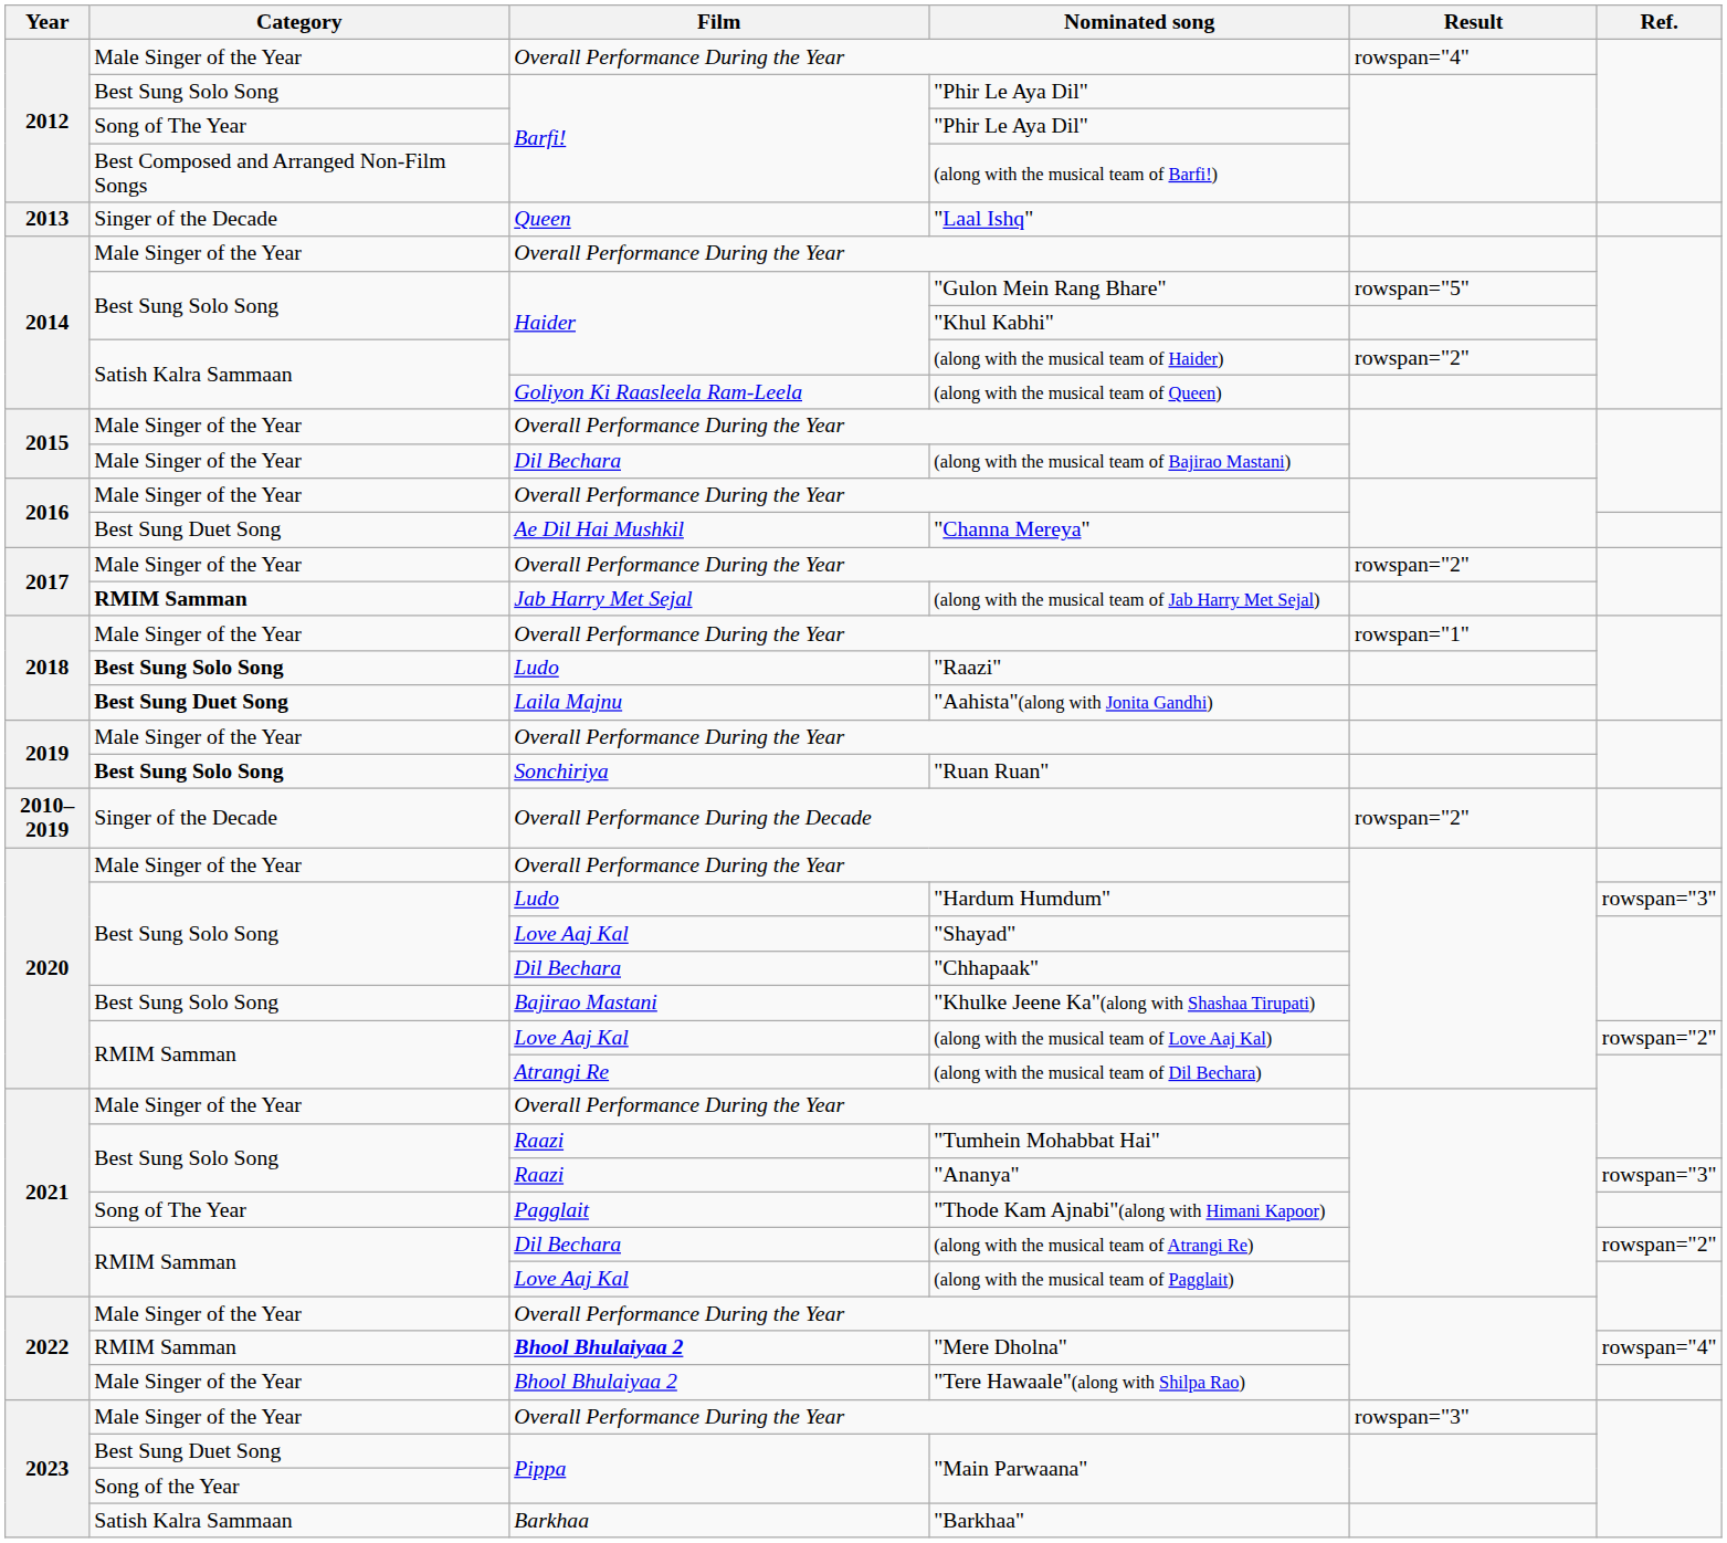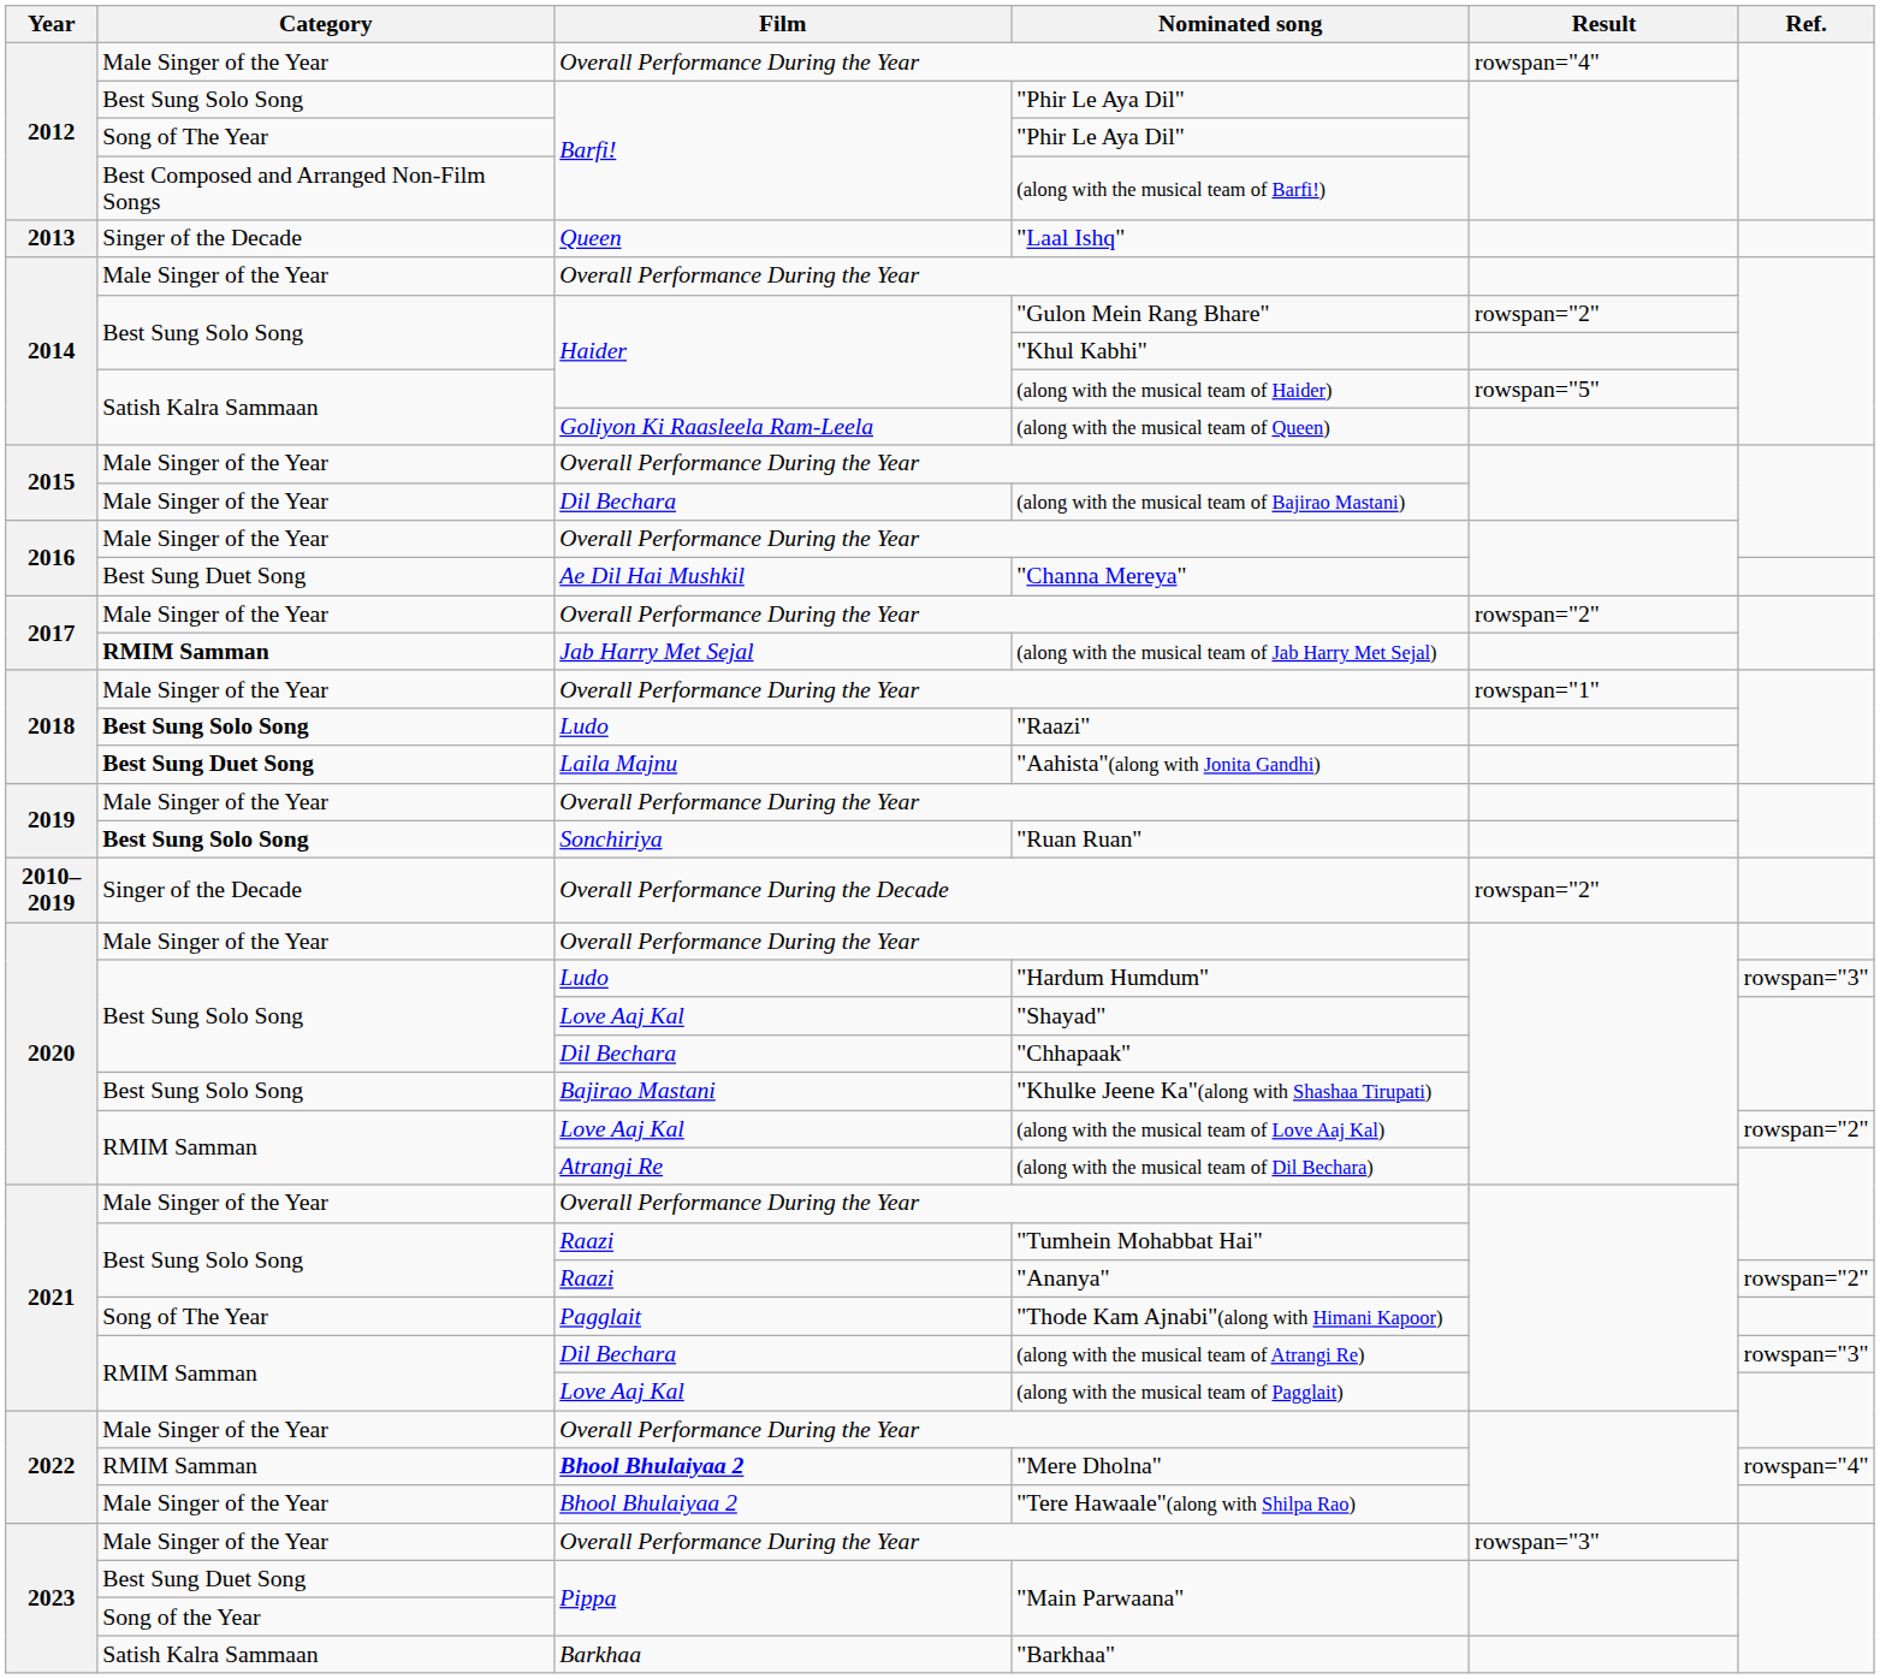 <table class="wikitable plainrowheaders" width="100%" "textcolor:#000;">
 <tr>
 <th scope="col" width=5%><strong>Year</strong></th>
 <th scope="col" width=26%><strong>Category</strong></th>
 <th scope="col" width=26%><strong>Film</strong></th>
 <th scope="col" width=26%><strong>Nominated song</strong></th>
 <th scope="col" width=15%><strong>Result</strong></th>
 <th scope="col" width=2%><strong>Ref.</strong></th>
 </tr>
 <tr>
 <th scope="row" rowspan="4">2012</th>
 <td>Male Singer of the Year</td>
 <td colspan="2"><em>Overall Performance During the Year</em></td>
 <td>rowspan="4" </td>
 <td rowspan="4"></td>
 </tr>
 <tr>
 <td>Best Sung Solo Song</td>
 <td rowspan="3"><em><a href='#'>Barfi!</a></em></td>
 <td>"Phir Le Aya Dil"</td>
 </tr>
 <tr>
 <td>Song of The Year</td>
 <td>"Phir Le Aya Dil"</td>
 </tr>
 <tr>
 <td>Best Composed and Arranged Non-Film Songs</td>
 <td><small>(along with the musical team of <a href='#'>Barfi!</a>)</small></td>
 </tr>
 <tr>
 <th scope="row">2013</th>
 <td>Singer of the Decade</td>
 <td><em><a href='#'>Queen</a></em></td>
 <td>"<a href='#'>Laal Ishq</a>"</td>
 <td></td>
 <td></td>
 </tr>
 <tr>
 <th scope="row" rowspan="5">2014</th>
 <td>Male Singer of the Year</td>
 <td colspan="2"><em>Overall Performance During the Year</em></td>
 <td></td>
 <td rowspan="5"></td>
 </tr>
 <tr>
 <td rowspan="2">Best Sung Solo Song</td>
 <td rowspan="3"><em><a href='#'>Haider</a></em></td>
 <td>"Gulon Mein Rang Bhare"</td>
-<td>rowspan="5" </td>
+<td>rowspan="2" </td>
 </tr>
 <tr>
 <td>"Khul Kabhi"</td>
 </tr>
 <tr>
 <td rowspan="2">Satish Kalra Sammaan</td>
 <td><small>(along with the musical team of <a href='#'>Haider</a>)</small></td>
-<td>rowspan="2" </td>
+<td>rowspan="5" </td>
 </tr>
 <tr>
 <td><em><a href='#'>Goliyon Ki Raasleela Ram-Leela</a></em></td>
 <td><small>(along with the musical team of <a href='#'>Queen</a>)</small></td>
 </tr>
 <tr>
 <th scope="row" rowspan="2">2015</th>
 <td>Male Singer of the Year</td>
 <td colspan="2"><em>Overall Performance During the Year</em></td>
 <td rowspan="2"></td>
 </tr>
 <tr>
 <td>Male Singer of the Year</td>
 <td><em><a href='#'>Dil Bechara</a></em></td>
 <td><small>(along with the musical team of <a href='#'>Bajirao Mastani</a>)</small></td>
 </tr>
 <tr>
 <th scope="row" rowspan="2">2016</th>
 <td>Male Singer of the Year</td>
 <td colspan="2"><em>Overall Performance During the Year</em></td>
 <td rowspan="2"></td>
 </tr>
 <tr>
 <td>Best Sung Duet Song</td>
 <td><em><a href='#'>Ae Dil Hai Mushkil</a></em></td>
 <td>"<a href='#'>Channa Mereya</a>"</td>
 <td></td>
 </tr>
 <tr>
 <th scope="row" rowspan="2">2017</th>
 <td>Male Singer of the Year</td>
 <td colspan="2"><em>Overall Performance During the Year</em></td>
 <td>rowspan="2" </td>
 <td rowspan="2"></td>
 </tr>
 <tr>
 <td><strong>RMIM Samman</strong></td>
 <td><em><a href='#'>Jab Harry Met Sejal</a></em></td>
 <td><small>(along with the musical team of <a href='#'>Jab Harry Met Sejal</a>)</small></td>
 </tr>
 <tr>
 <th scope="row" rowspan="3">2018</th>
 <td>Male Singer of the Year</td>
 <td colspan="2"><em>Overall Performance During the Year</em></td>
 <td>rowspan="1" </td>
 <td rowspan="3"></td>
 </tr>
 <tr>
 <td><strong>Best Sung Solo Song</strong></td>
 <td><em><a href='#'>Ludo</a></em></td>
 <td>"Raazi"</td>
 <td></td>
 </tr>
 <tr>
 <td><strong>Best Sung Duet Song</strong></td>
 <td><em><a href='#'>Laila Majnu</a></em></td>
 <td>"Aahista"<small>(along with <a href='#'>Jonita Gandhi</a>)</small></td>
 <td></td>
 </tr>
 <tr>
 <th scope="row" rowspan="2">2019</th>
 <td>Male Singer of the Year</td>
 <td colspan="2"><em>Overall Performance During the Year</em></td>
 <td></td>
 <td rowspan="2"></td>
 </tr>
 <tr>
 <td><strong>Best Sung Solo Song</strong></td>
 <td><em><a href='#'>Sonchiriya</a></em></td>
 <td>"Ruan Ruan"</td>
 <td></td>
 </tr>
 <tr>
 <th scope="row">2010–2019</th>
 <td>Singer of the Decade</td>
 <td colspan="2"><em>Overall Performance During the Decade</em></td>
 <td>rowspan="2" </td>
 <td></td>
 </tr>
 <tr>
 <th scope="row" rowspan="7">2020</th>
 <td>Male Singer of the Year</td>
 <td colspan="2"><em>Overall Performance During the Year</em></td>
 <td rowspan="7"></td>
 </tr>
 <tr>
 <td rowspan="3">Best Sung Solo Song</td>
 <td><em><a href='#'>Ludo</a></em></td>
 <td>"Hardum Humdum"</td>
 <td>rowspan="3" </td>
 </tr>
 <tr>
 <td><em><a href='#'>Love Aaj Kal</a></em></td>
 <td>"Shayad"</td>
 </tr>
 <tr>
 <td><em><a href='#'>Dil Bechara</a></em></td>
 <td>"Chhapaak"</td>
 </tr>
 <tr>
 <td>Best Sung Solo Song</td>
 <td><em><a href='#'>Bajirao Mastani</a></em></td>
 <td>"Khulke Jeene Ka"<small>(along with <a href='#'>Shashaa Tirupati</a>)</small></td>
 </tr>
 <tr>
 <td rowspan="2">RMIM Samman</td>
 <td><em><a href='#'>Love Aaj Kal</a></em></td>
 <td><small>(along with the musical team of <a href='#'>Love Aaj Kal</a>)</small></td>
 <td>rowspan="2" </td>
 </tr>
 <tr>
 <td><em><a href='#'>Atrangi Re</a></em></td>
 <td><small>(along with the musical team of <a href='#'>Dil Bechara</a>)</small></td>
 </tr>
 <tr>
 <th scope="row" rowspan="6">2021</th>
 <td>Male Singer of the Year</td>
 <td colspan="2"><em>Overall Performance During the Year</em></td>
 <td rowspan="6"></td>
 </tr>
 <tr>
 <td rowspan="2">Best Sung Solo Song</td>
 <td><em><a href='#'>Raazi</a></em></td>
 <td>"Tumhein Mohabbat Hai"</td>
 </tr>
 <tr>
 <td><em><a href='#'>Raazi</a></em></td>
 <td>"Ananya"</td>
-<td>rowspan="3" </td>
+<td>rowspan="2" </td>
 </tr>
 <tr>
 <td>Song of The Year</td>
 <td><em><a href='#'>Pagglait</a></em></td>
 <td>"Thode Kam Ajnabi"<small>(along with <a href='#'>Himani Kapoor</a>)</small></td>
 </tr>
 <tr>
 <td rowspan="2">RMIM Samman</td>
 <td><em><a href='#'>Dil Bechara</a></em></td>
 <td><small>(along with the musical team of <a href='#'>Atrangi Re</a>)</small></td>
-<td>rowspan="2" </td>
+<td>rowspan="3" </td>
 </tr>
 <tr>
 <td><em><a href='#'>Love Aaj Kal</a></em></td>
 <td><small>(along with the musical team of <a href='#'>Pagglait</a>)</small></td>
 </tr>
 <tr>
 <th scope="row" rowspan="3">2022</th>
 <td>Male Singer of the Year</td>
 <td colspan="2"><em>Overall Performance During the Year</em></td>
 <td rowspan="3"></td>
 </tr>
 <tr>
 <td>RMIM Samman</td>
 <td><strong><em><a href='#'>Bhool Bhulaiyaa 2</a></em></strong></td>
 <td>"Mere Dholna"</td>
 <td>rowspan="4" </td>
 </tr>
 <tr>
 <td>Male Singer of the Year</td>
 <td><em><a href='#'>Bhool Bhulaiyaa 2</a></em></td>
 <td>"Tere Hawaale"<small>(along with <a href='#'>Shilpa Rao</a>)</small></td>
 </tr>
 <tr>
 <th scope="row" rowspan="4">2023</th>
 <td>Male Singer of the Year</td>
 <td colspan="2"><em>Overall Performance During the Year</em></td>
 <td>rowspan="3" </td>
 <td rowspan="4"></td>
 </tr>
 <tr>
 <td>Best Sung Duet Song</td>
 <td rowspan=2><em><a href='#'>Pippa</a></em></td>
 <td rowspan=2>"Main Parwaana"</td>
 </tr>
 <tr>
 <td>Song of the Year</td>
 </tr>
 <tr>
 <td>Satish Kalra Sammaan</td>
 <td><em>Barkhaa</em></td>
 <td>"Barkhaa"</td>
 <td></td>
 </tr>
 </table>
